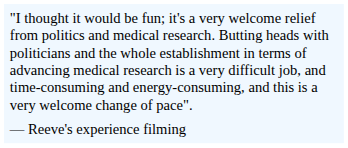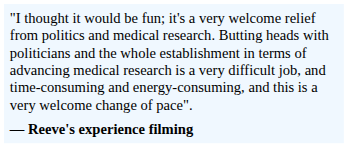 <table class="toccolours" style="float: right; margin-left: 1em; margin-right: 2em; font-size: 95%; background:#F0F8FF; color:black; width:30em; max-width: 40%;" cellspacing="5">
 <tr>
 <td style="text-align: left;">"I thought it would be fun; it's a very welcome relief from politics and medical research. Butting heads with politicians and the whole establishment in terms of advancing medical research is a very difficult job, and time-consuming and energy-consuming, and this is a very welcome change of pace".</td>
 </tr>
 <tr>
-<td style="text-align: left;">— Reeve's experience filming</td>
+<td style="text-align: left;"><strong>— Reeve's experience filming</strong></td>
 </tr>
 </table>
